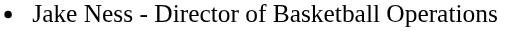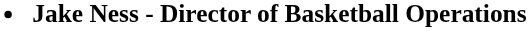 <table class="toccolours" style="border-collapse:collapse; font-size:90%;">
 <tr>
 </tr>
 <tr>
-<td style="text-align: left; font-size: 95%;" valign="top"><br><ul><li>Jake Ness - Director of Basketball Operations</li></ul></td>
+<td style="text-align: left; font-size: 95%;" valign="top"><strong><br><ul><li>Jake Ness - Director of Basketball Operations</li></ul></strong></td>
 </tr>
 </table>
